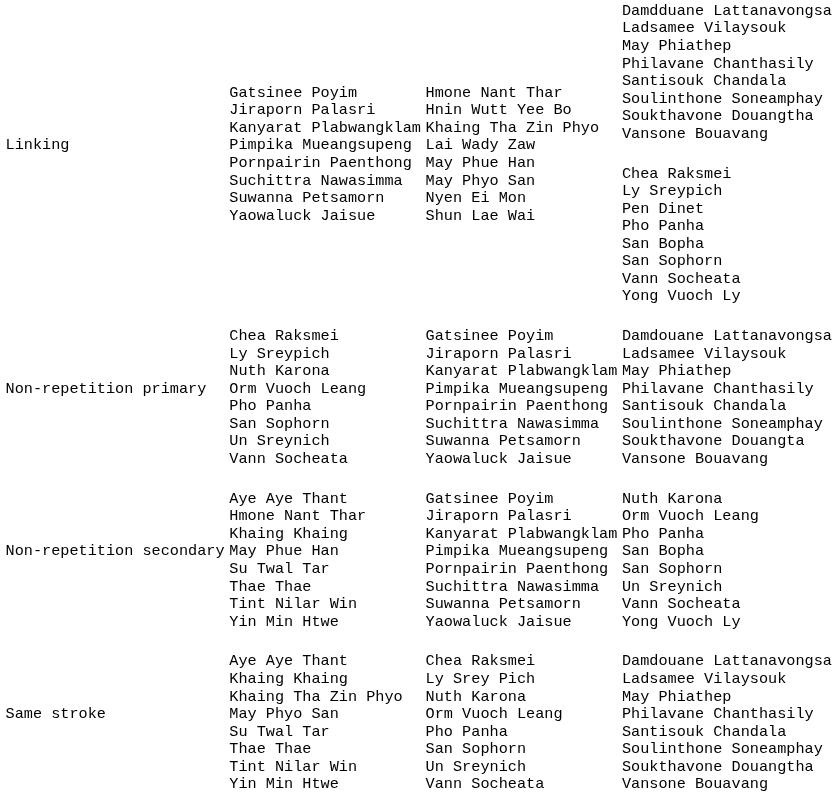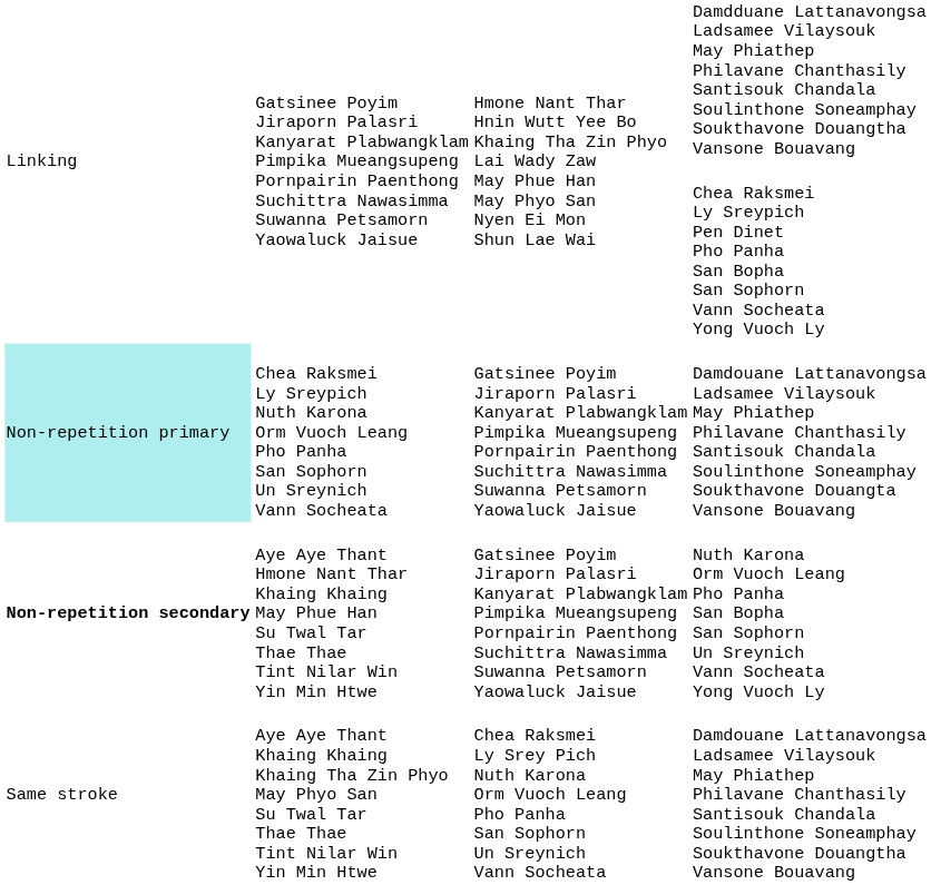 <table>
 <tr>
 <td rowspan=2>Linking</td>
 <td rowspan=2 nowrap><br>Gatsinee Poyim<br>Jiraporn Palasri<br>Kanyarat Plabwangklam<br>Pimpika Mueangsupeng<br>Pornpairin Paenthong<br>Suchittra Nawasimma<br>Suwanna Petsamorn<br>Yaowaluck Jaisue</td>
 <td rowspan=2><br>Hmone Nant Thar<br>Hnin Wutt Yee Bo<br>Khaing Tha Zin Phyo<br>Lai Wady Zaw<br>May Phue Han<br>May Phyo San<br>Nyen Ei Mon<br>Shun Lae Wai</td>
 <td><br>Damdduane Lattanavongsa<br>Ladsamee Vilaysouk<br>May Phiathep<br>Philavane Chanthasily<br>Santisouk Chandala<br>Soulinthone Soneamphay<br>Soukthavone Douangtha<br>Vansone Bouavang</td>
 </tr>
 <tr>
 <td><br>Chea Raksmei<br>Ly Sreypich<br>Pen Dinet<br>Pho Panha<br>San Bopha<br>San Sophorn<br>Vann Socheata<br>Yong Vuoch Ly</td>
 </tr>
 <tr>
-<td>Non-repetition primary</td>
+<td style="background: paleturquoise;">Non-repetition primary</td>
 <td><br>Chea Raksmei<br>Ly Sreypich<br>Nuth Karona<br>Orm Vuoch Leang<br>Pho Panha<br>San Sophorn<br>Un Sreynich<br>Vann Socheata</td>
 <td nowrap><br>Gatsinee Poyim<br>Jiraporn Palasri<br>Kanyarat Plabwangklam<br>Pimpika Mueangsupeng<br>Pornpairin Paenthong<br>Suchittra Nawasimma<br>Suwanna Petsamorn<br>Yaowaluck Jaisue<br></td>
 <td nowrap><br>Damdouane Lattanavongsa<br>Ladsamee Vilaysouk<br>May Phiathep<br>Philavane Chanthasily<br>Santisouk Chandala<br>Soulinthone Soneamphay<br>Soukthavone Douangta<br>Vansone Bouavang</td>
 </tr>
 <tr>
-<td>Non-repetition secondary</td>
+<td><strong>Non-repetition secondary</strong></td>
 <td><br>Aye Aye Thant<br>Hmone Nant Thar<br>Khaing Khaing<br>May Phue Han<br>Su Twal Tar<br>Thae Thae<br>Tint Nilar Win<br>Yin Min Htwe</td>
 <td><br>Gatsinee Poyim<br>Jiraporn Palasri<br>Kanyarat Plabwangklam<br>Pimpika Mueangsupeng<br>Pornpairin Paenthong<br>Suchittra Nawasimma<br>Suwanna Petsamorn<br>Yaowaluck Jaisue</td>
 <td><br>Nuth Karona<br>Orm Vuoch Leang<br>Pho Panha<br>San Bopha<br>San Sophorn<br>Un Sreynich<br>Vann Socheata<br>Yong Vuoch Ly</td>
 </tr>
 <tr>
 <td>Same stroke</td>
 <td><br>Aye Aye Thant<br>Khaing Khaing<br>Khaing Tha Zin Phyo<br>May Phyo San<br>Su Twal Tar<br>Thae Thae<br>Tint Nilar Win<br>Yin Min Htwe</td>
 <td><br>Chea Raksmei<br>Ly Srey Pich<br>Nuth Karona<br>Orm Vuoch Leang<br>Pho Panha<br>San Sophorn<br>Un Sreynich<br>Vann Socheata</td>
 <td><br>Damdouane Lattanavongsa<br>Ladsamee Vilaysouk<br>May Phiathep<br>Philavane Chanthasily<br>Santisouk Chandala<br>Soulinthone Soneamphay<br>Soukthavone Douangtha<br>Vansone Bouavang</td>
 </tr>
 </table>
